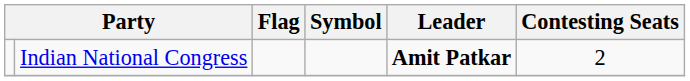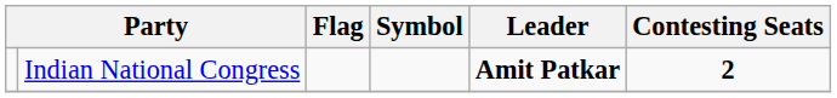 <table class="wikitable " style="text-align:center">
 <tr>
 <th colspan="2">Party</th>
 <th>Flag</th>
 <th>Symbol</th>
 <th>Leader</th>
 <th>Contesting Seats</th>
 </tr>
 <tr>
 <td></td>
 <td><a href='#'>Indian National Congress</a></td>
 <td></td>
 <td></td>
 <td><strong>Amit Patkar</strong></td>
-<td>2</td>
+<td><strong>2</strong></td>
 </tr>
 <tr>
 </tr>
 </table>
